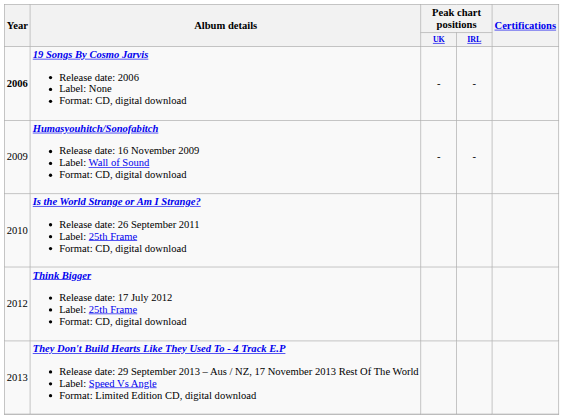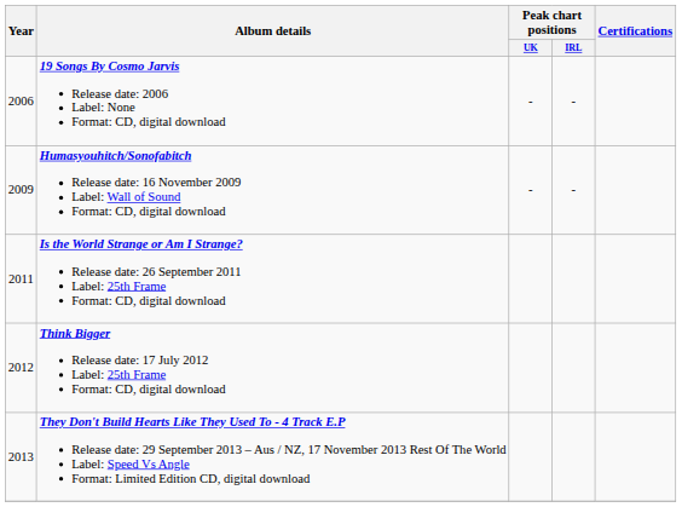 <table class="wikitable" style="text-align:center;">
 <tr>
 <th rowspan="2">Year</th>
 <th rowspan="2">Album details</th>
 <th colspan="2">Peak chart positions</th>
 <th rowspan="2"><a href='#'>Certifications</a></th>
 </tr>
 <tr>
 <th style="width:4em;font-size:75%;"><a href='#'>UK</a></th>
 <th style="width:4em;font-size:75%;"><a href='#'>IRL</a></th>
 </tr>
 <tr>
-<td><strong>2006</strong></td>
+<td>2006</td>
 <td align="left"><strong><em><a href='#'>19 Songs By Cosmo Jarvis</a></em></strong><br><ul><li>Release date: 2006</li><li>Label: None</li><li>Format: CD, digital download</li></ul></td>
 <td style="text-align:center;">-</td>
 <td style="text-align:center;">-</td>
 <td align="left"></td>
 </tr>
 <tr>
 <td>2009</td>
 <td align="left"><strong><em><a href='#'>Humasyouhitch/Sonofabitch</a></em></strong><br><ul><li>Release date: 16 November 2009</li><li>Label: <a href='#'>Wall of Sound</a></li><li>Format: CD, digital download</li></ul></td>
 <td style="text-align:center;">-</td>
 <td style="text-align:center;">-</td>
 <td align="left"></td>
 </tr>
 <tr>
-<td>2010</td>
+<td>2011</td>
 <td align="left"><strong><em><a href='#'>Is the World Strange or Am I Strange?</a></em></strong><br><ul><li>Release date: 26 September 2011</li><li>Label: <a href='#'>25th Frame</a></li><li>Format: CD, digital download</li></ul></td>
 <td style="text-align:center;"></td>
 <td style="text-align:center;"></td>
 <td align="left"></td>
 </tr>
 <tr>
 <td>2012</td>
 <td align="left"><strong><em><a href='#'>Think Bigger</a></em></strong><br><ul><li>Release date: 17 July 2012</li><li>Label: <a href='#'>25th Frame</a></li><li>Format: CD, digital download</li></ul></td>
 <td style="text-align:center;"></td>
 <td style="text-align:center;"></td>
 <td align="left"></td>
 </tr>
 <tr>
 <td>2013</td>
 <td align="left"><strong><em><a href='#'>They Don't Build Hearts Like They Used To - 4 Track E.P</a></em></strong><br><ul><li>Release date: 29 September 2013 – Aus / NZ, 17 November 2013 Rest Of The World</li><li>Label: <a href='#'>Speed Vs Angle</a></li><li>Format: Limited Edition CD, digital download</li></ul></td>
 <td style="text-align:center;"></td>
 <td style="text-align:center;"></td>
 <td align="left"></td>
 </tr>
 <tr>
 </tr>
 </table>
